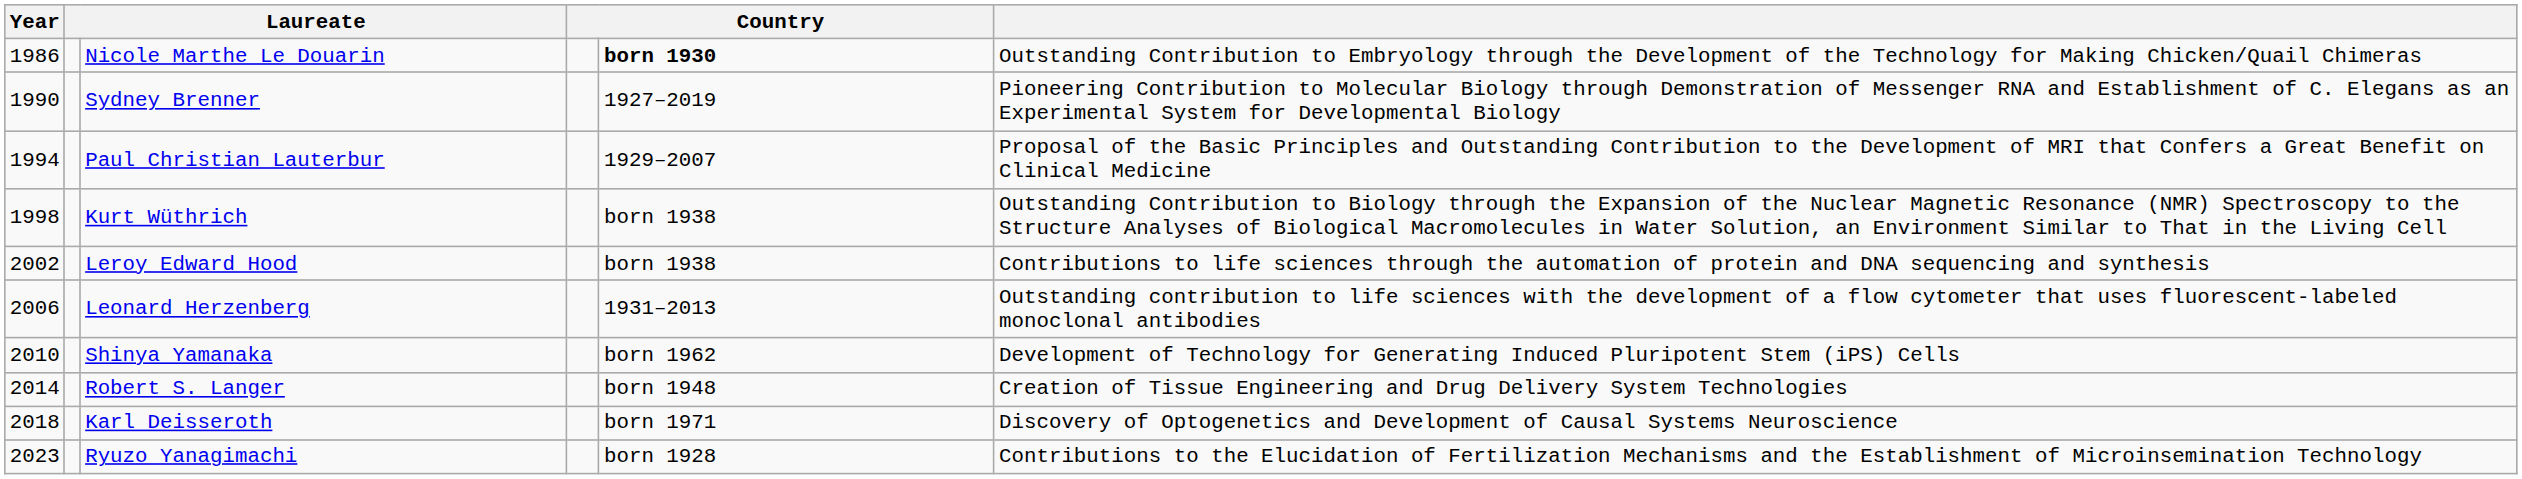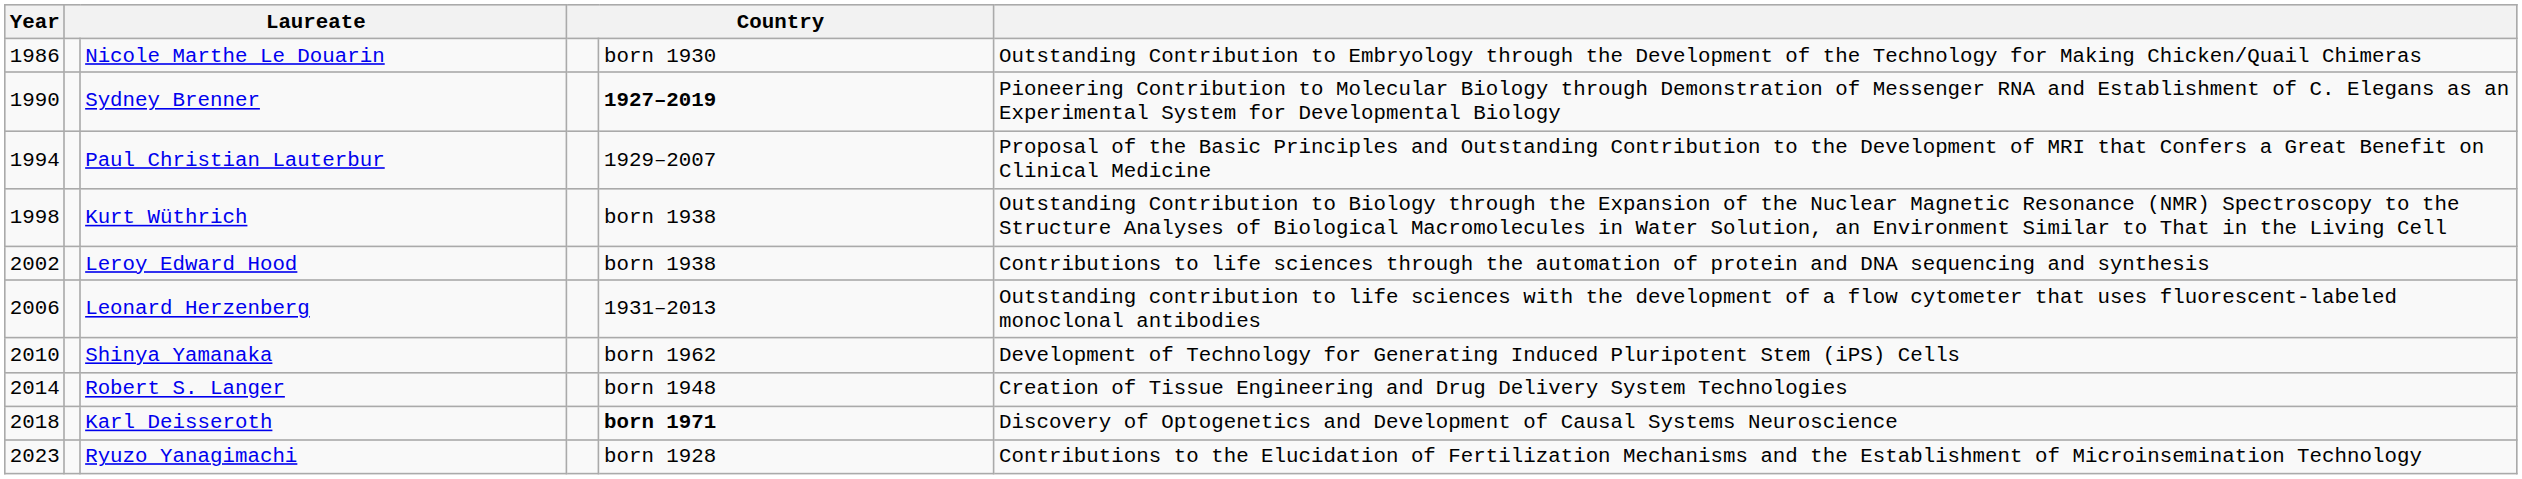 <table class="wikitable sortable">
 <tr>
 <th>Year</th>
 <th style="width:20%;" colspan=2>Laureate</th>
 <th style="width:17%;" colspan=2>Country</th>
 <th></th>
 </tr>
 <tr>
 <td>1986</td>
 <td></td>
 <td><a href='#'>Nicole Marthe Le Douarin</a></td>
 <td></td>
-<td><strong>born 1930</strong></td>
+<td>born 1930</td>
 <td>Outstanding Contribution to Embryology through the Development of the Technology for Making Chicken/Quail Chimeras</td>
 </tr>
 <tr>
 <td>1990</td>
 <td></td>
 <td><a href='#'>Sydney Brenner</a></td>
 <td></td>
-<td>1927–2019</td>
+<td><strong>1927–2019</strong></td>
 <td>Pioneering Contribution to Molecular Biology through Demonstration of Messenger RNA and Establishment of C. Elegans as an Experimental System for Developmental Biology</td>
 </tr>
 <tr>
 <td>1994</td>
 <td></td>
 <td><a href='#'>Paul Christian Lauterbur</a></td>
 <td></td>
 <td>1929–2007</td>
 <td>Proposal of the Basic Principles and Outstanding Contribution to the Development of MRI that Confers a Great Benefit on Clinical Medicine</td>
 </tr>
 <tr>
 <td>1998</td>
 <td></td>
 <td><a href='#'>Kurt Wüthrich</a></td>
 <td></td>
 <td>born 1938</td>
 <td>Outstanding Contribution to Biology through the Expansion of the Nuclear Magnetic Resonance (NMR) Spectroscopy to the Structure Analyses of Biological Macromolecules in Water Solution, an Environment Similar to That in the Living Cell</td>
 </tr>
 <tr>
 <td>2002</td>
 <td></td>
 <td><a href='#'>Leroy Edward Hood</a></td>
 <td></td>
 <td>born 1938</td>
 <td>Contributions to life sciences through the automation of protein and DNA sequencing and synthesis</td>
 </tr>
 <tr>
 <td>2006</td>
 <td></td>
 <td><a href='#'>Leonard Herzenberg</a></td>
 <td></td>
 <td>1931–2013</td>
 <td>Outstanding contribution to life sciences with the development of a flow cytometer that uses fluorescent-labeled monoclonal antibodies</td>
 </tr>
 <tr>
 <td>2010</td>
 <td></td>
 <td><a href='#'>Shinya Yamanaka</a></td>
 <td></td>
 <td>born 1962</td>
 <td>Development of Technology for Generating Induced Pluripotent Stem (iPS) Cells</td>
 </tr>
 <tr>
 <td>2014</td>
 <td></td>
 <td><a href='#'>Robert S. Langer</a></td>
 <td></td>
 <td>born 1948</td>
 <td>Creation of Tissue Engineering and Drug Delivery System Technologies</td>
 </tr>
 <tr>
 <td>2018</td>
 <td></td>
 <td><a href='#'>Karl Deisseroth</a></td>
 <td></td>
-<td>born 1971</td>
+<td><strong>born 1971</strong></td>
 <td>Discovery of Optogenetics and Development of Causal Systems Neuroscience</td>
 </tr>
 <tr>
 <td>2023</td>
 <td></td>
 <td><a href='#'>Ryuzo Yanagimachi</a></td>
 <td></td>
 <td>born 1928</td>
 <td>Contributions to the Elucidation of Fertilization Mechanisms and the Establishment of Microinsemination Technology</td>
 </tr>
 </table>
